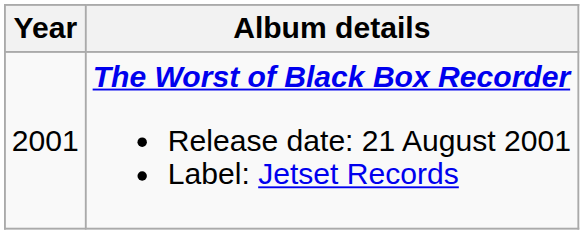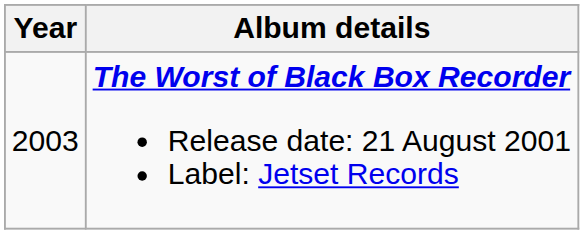 <table class="wikitable" style="text-align:center;">
 <tr>
 <th>Year</th>
 <th>Album details</th>
 </tr>
 <tr>
-<td>2001</td>
+<td>2003</td>
 <td style="text-align:left;"><strong><em><a href='#'>The Worst of Black Box Recorder</a></em></strong><br><ul><li>Release date: 21 August 2001</li><li>Label: <a href='#'>Jetset Records</a></li></ul></td>
 </tr>
 </table>
